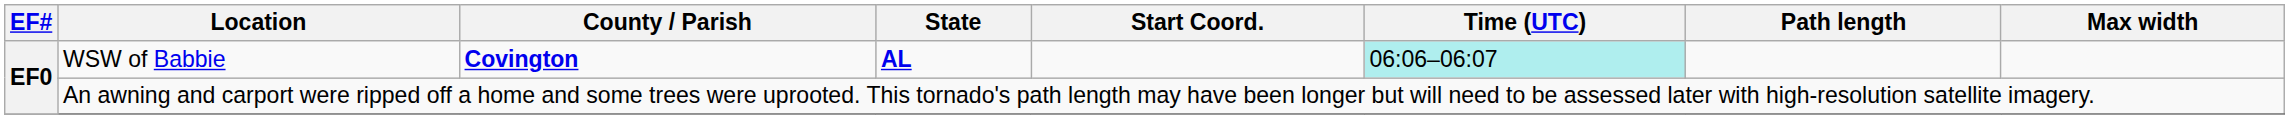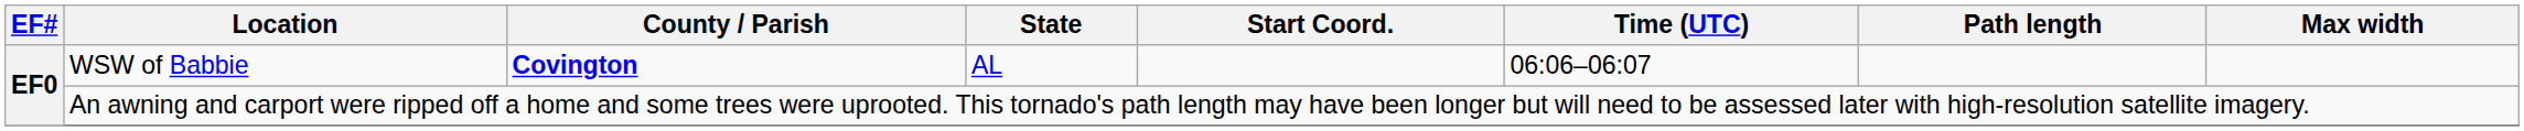 <table class="wikitable sortable" style="width:100%;">
 <tr>
 <th scope="col" width="2%" align="center"><a href='#'>EF#</a></th>
 <th scope="col" align="center" class="unsortable">Location</th>
 <th scope="col" align="center" class="unsortable">County / Parish</th>
 <th scope="col" align="center">State</th>
 <th scope="col" align="center">Start Coord.</th>
 <th scope="col" align="center">Time (<a href='#'>UTC</a>)</th>
 <th scope="col" align="center">Path length</th>
 <th scope="col" align="center">Max width</th>
 </tr>
 <tr>
 <th scope="row" rowspan="2" style="background-color:#">EF0</th>
 <td>WSW of <a href='#'>Babbie</a></td>
 <td><strong><a href='#'>Covington</a></strong></td>
-<td><strong><a href='#'>AL</a></strong></td>
+<td><a href='#'>AL</a></td>
 <td></td>
-<td style="background: paleturquoise;">06:06–06:07</td>
+<td>06:06–06:07</td>
 <td></td>
 <td></td>
 </tr>
 <tr class="expand-child">
 <td colspan="8" style=" border-bottom: 1px solid black;">An awning and carport were ripped off a home and some trees were uprooted. This tornado's path length may have been longer but will need to be assessed later with high-resolution satellite imagery.</td>
 </tr>
 <tr>
 </tr>
 </table>
